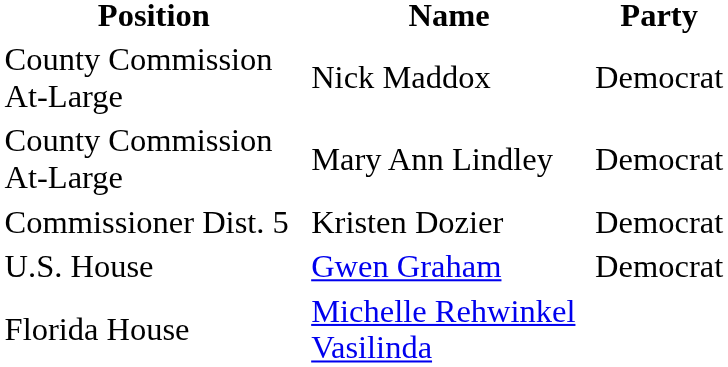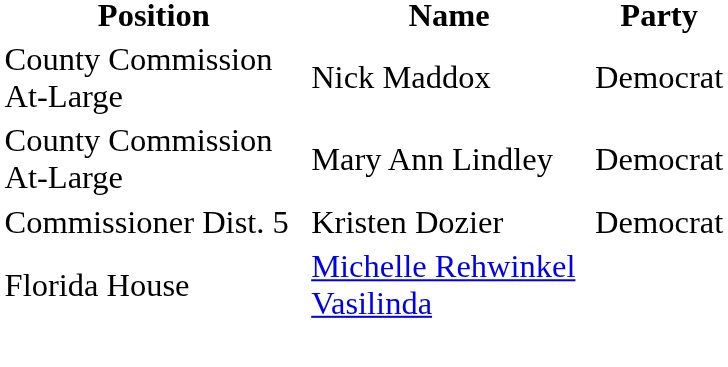 <table class="toccolours" style="fixed: right; margin-left: 1em;" width="360px">
 <tr>
 <th>Position</th>
 <th>Name</th>
 <th>Party</th>
 </tr>
 <tr>
 <td>County Commission At-Large</td>
 <td>Nick Maddox</td>
 <td>Democrat</td>
 </tr>
 <tr>
 <td>County Commission At-Large</td>
 <td>Mary Ann Lindley</td>
 <td>Democrat</td>
 </tr>
 <tr>
 <td>Commissioner Dist. 5</td>
 <td>Kristen Dozier</td>
 <td>Democrat</td>
 </tr>
 <tr>
-<td>U.S. House</td>
-<td><a href='#'>Gwen Graham</a></td>
-<td>Democrat</td>
-</tr>
-<tr>
 <td>Florida House</td>
 <td><a href='#'>Michelle Rehwinkel Vasilinda</a></td>
 <td></td>
 </tr>
 </table>
